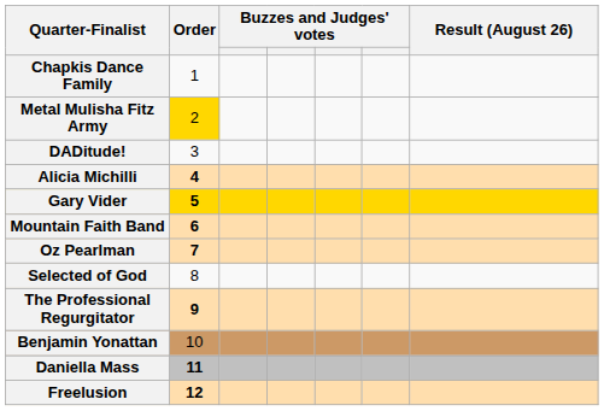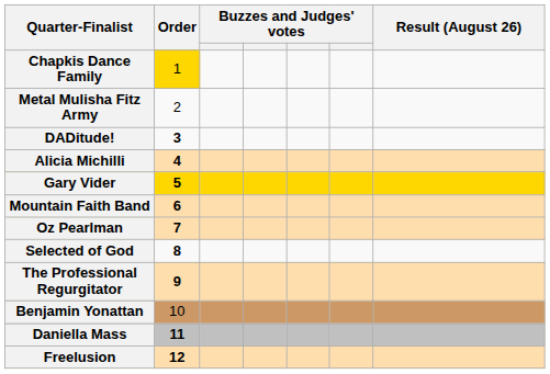 <table class="wikitable plainrowheaders sortable" style="text-align:center;">
 <tr>
 <th scope="col" rowspan="2" class="unsortable" style="width:17em;">Quarter-Finalist</th>
 <th scope="col" rowspan="2" style="width:1em;">Order</th>
 <th scope="col" colspan="4" class="unsortable" style="width:24em;">Buzzes and Judges' votes</th>
 <th scope="col" rowspan="2" style="width:25em;">Result (August 26)</th>
 </tr>
 <tr>
 <th scope="col" class="unsortable" style="width:6em;"></th>
 <th scope="col" class="unsortable" style="width:6em;"></th>
 <th scope="col" class="unsortable" style="width:6em;"></th>
 <th scope="col" class="unsortable" style="width:6em;"></th>
 </tr>
 <tr>
 <th scope="row">Chapkis Dance Family</th>
-<td>1</td>
+<td style="background: gold;">1</td>
 <td style="text-align:center;"></td>
 <td style="text-align:center;"></td>
 <td style="text-align:center;"></td>
 <td style="text-align:center;"></td>
 <td></td>
 </tr>
 <tr>
 <th scope="row">Metal Mulisha Fitz Army </th>
-<td style="background: gold;">2</td>
+<td>2</td>
 <td style="text-align:center;"></td>
 <td style="text-align:center;"></td>
 <td style="text-align:center;"></td>
 <td style="text-align:center;"></td>
 <td></td>
 </tr>
 <tr>
 <th scope="row">DADitude!</th>
-<td>3</td>
+<td><strong>3</strong></td>
 <td style="text-align:center;"></td>
 <td style="text-align:center;"></td>
 <td style="text-align:center;"></td>
 <td style="text-align:center;"></td>
 <td></td>
 </tr>
 <tr style="background:NavajoWhite">
 <th scope="row"><strong>Alicia Michilli</strong></th>
 <td><strong>4</strong></td>
 <td style="text-align:center;"></td>
 <td style="text-align:center;"></td>
 <td style="text-align:center;"></td>
 <td style="text-align:center;"></td>
 <td><strong></strong></td>
 </tr>
 <tr style="background:gold">
 <th scope="row"><strong>Gary Vider</strong></th>
 <td><strong>5</strong></td>
 <td style="text-align:center;"></td>
 <td style="text-align:center;"></td>
 <td style="text-align:center;"></td>
 <td style="text-align:center;"></td>
 <td><strong></strong></td>
 </tr>
 <tr style="background:NavajoWhite">
 <th scope="row"><strong>Mountain Faith Band</strong></th>
 <td><strong>6</strong></td>
 <td style="text-align:center;"></td>
 <td style="text-align:center;"></td>
 <td style="text-align:center;"></td>
 <td style="text-align:center;"></td>
 <td><strong></strong></td>
 </tr>
 <tr style="background:NavajoWhite">
 <th scope="row"><strong>Oz Pearlman</strong></th>
 <td><strong>7</strong></td>
 <td style="text-align:center;"></td>
 <td style="text-align:center;"></td>
 <td style="text-align:center;"></td>
 <td style="text-align:center;"></td>
 <td><strong></strong></td>
 </tr>
 <tr>
 <th scope="row">Selected of God</th>
-<td>8</td>
+<td><strong>8</strong></td>
 <td style="text-align:center;"></td>
 <td style="text-align:center;"></td>
 <td style="text-align:center;"></td>
 <td style="text-align:center;"></td>
 <td></td>
 </tr>
 <tr style="background:NavajoWhite">
 <th scope="row"><strong>The Professional Regurgitator</strong></th>
 <td><strong>9</strong></td>
 <td style="text-align:center;"></td>
 <td style="text-align:center;"></td>
 <td style="text-align:center;"></td>
 <td style="text-align:center;"></td>
 <td><strong></strong></td>
 </tr>
 <tr style="background:#c96">
 <th scope="row">Benjamin Yonattan</th>
 <td>10</td>
 <td style="text-align:center;"></td>
 <td style="text-align:center;"></td>
 <td style="text-align:center;"></td>
 <td style="text-align:center;"></td>
 <td></td>
 </tr>
 <tr style="background:silver">
 <th scope="row"><strong>Daniella Mass</strong></th>
 <td><strong>11</strong></td>
 <td style="text-align:center;"></td>
 <td style="text-align:center;"></td>
 <td style="text-align:center;"></td>
 <td style="text-align:center;"></td>
 <td><strong></strong></td>
 </tr>
 <tr style="background:NavajoWhite">
 <th scope="row"><strong>Freelusion</strong></th>
 <td><strong>12</strong></td>
 <td style="text-align:center;"></td>
 <td style="text-align:center;"></td>
 <td style="text-align:center;"></td>
 <td style="text-align:center;"></td>
 <td><strong></strong></td>
 </tr>
 </table>
